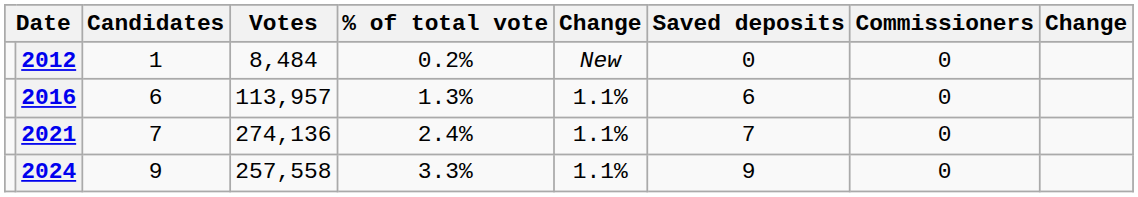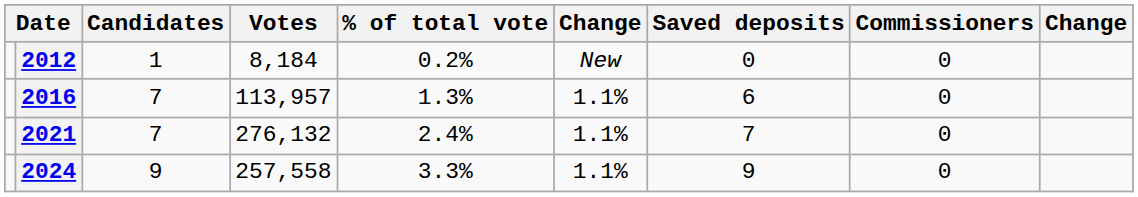 <table class="wikitable" style="text-align:center">
 <tr>
 <th rowspan="1" colspan="2">Date</th>
 <th rowspan=1>Candidates</th>
 <th rowspan=1>Votes</th>
 <th rowspan=1>% of total vote</th>
 <th rowspan=1>Change</th>
 <th rowspan=1>Saved deposits</th>
 <th rowspan=1>Commissioners</th>
 <th rowspan=1>Change</th>
 </tr>
 <tr>
 <td></td>
 <th><a href='#'>2012</a></th>
 <td>1</td>
-<td>8,484</td>
+<td>8,184</td>
 <td>0.2%</td>
 <td><em>New</em></td>
 <td>0</td>
 <td>0</td>
 <td></td>
 </tr>
 <tr>
 <td></td>
 <th><a href='#'>2016</a></th>
-<td>6</td>
+<td>7</td>
 <td>113,957</td>
 <td>1.3%</td>
 <td>1.1%</td>
 <td>6</td>
 <td>0</td>
 <td></td>
 </tr>
 <tr>
 <td></td>
 <th><a href='#'>2021</a></th>
 <td>7</td>
-<td>274,136</td>
+<td>276,132</td>
 <td>2.4%</td>
 <td>1.1%</td>
 <td>7</td>
 <td>0</td>
 <td></td>
 </tr>
 <tr>
 <td></td>
 <th><a href='#'>2024</a></th>
 <td>9</td>
 <td>257,558</td>
 <td>3.3%</td>
 <td>1.1%</td>
 <td>9</td>
 <td>0</td>
 <td></td>
 </tr>
 </table>
